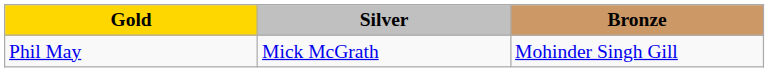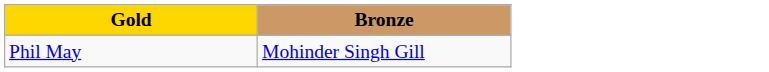 <table class="wikitable" style="text-align:left;">
 <tr>
 <th scope=col style="background-color:gold; width:200px;">Gold</th>
-<th scope=col style="background-color:silver; width:200px;">Silver</th>
 <th scope=col style="background-color:#cc9966; width:200px;">Bronze</th>
 </tr>
 <tr>
 <td><a href='#'>Phil May</a><br><em></em></td>
-<td><a href='#'>Mick McGrath</a><br><em></em></td>
 <td><a href='#'>Mohinder Singh Gill</a><br><em></em></td>
 </tr>
 </table>
